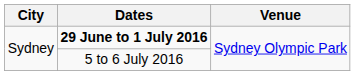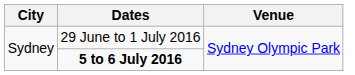 <table class=wikitable style=text-align:center;>
 <tr>
 <th>City</th>
 <th>Dates</th>
 <th>Venue</th>
 </tr>
 <tr>
 <td rowspan="2">Sydney</td>
-<td><strong>29 June to 1 July 2016</strong></td>
+<td>29 June to 1 July 2016</td>
 <td rowspan="2"><a href='#'>Sydney Olympic Park</a></td>
 </tr>
 <tr>
-<td>5 to 6 July 2016</td>
+<td><strong>5 to 6 July 2016</strong></td>
 </tr>
 </table>
